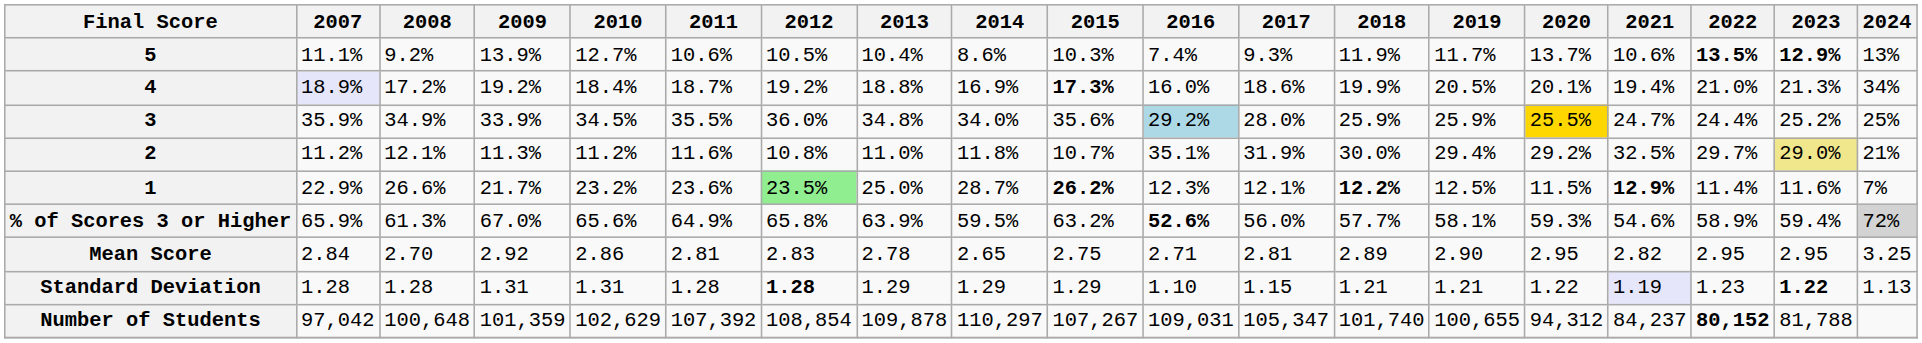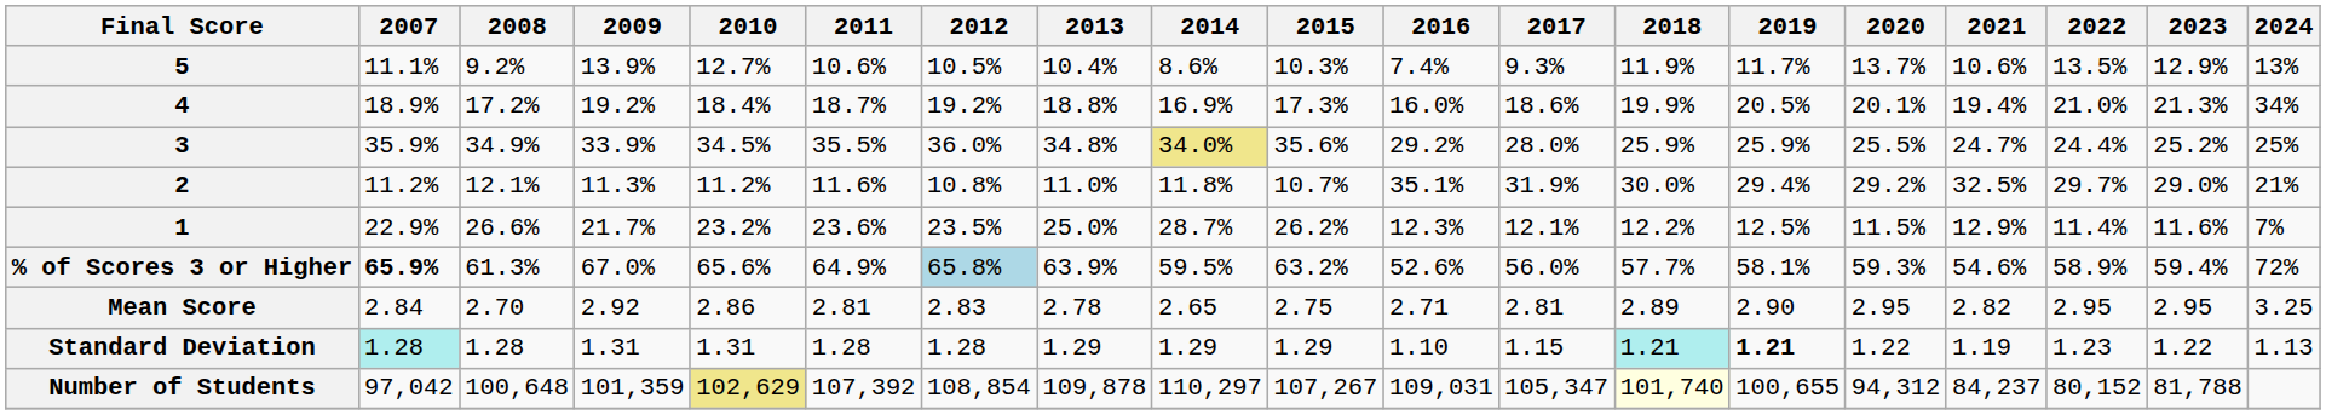 <table class="wikitable">
 <tr>
 <th>Final Score</th>
 <th>2007</th>
 <th>2008</th>
 <th>2009</th>
 <th>2010</th>
 <th>2011</th>
 <th>2012</th>
 <th>2013</th>
 <th>2014</th>
 <th>2015</th>
 <th>2016</th>
 <th>2017</th>
 <th>2018</th>
 <th>2019</th>
 <th>2020</th>
 <th>2021</th>
 <th>2022</th>
 <th>2023</th>
 <th>2024</th>
 </tr>
 <tr>
 <th>5</th>
 <td>11.1%</td>
 <td>9.2%</td>
 <td>13.9%</td>
 <td>12.7%</td>
 <td>10.6%</td>
 <td>10.5%</td>
 <td>10.4%</td>
 <td>8.6%</td>
 <td>10.3%</td>
 <td>7.4%</td>
 <td>9.3%</td>
 <td>11.9%</td>
 <td>11.7%</td>
 <td>13.7%</td>
 <td>10.6%</td>
-<td><strong>13.5%</strong></td>
-<td><strong>12.9%</strong></td>
+<td>13.5%</td>
+<td>12.9%</td>
 <td>13%</td>
 </tr>
 <tr>
 <th>4</th>
-<td style="background: lavender;">18.9%</td>
+<td>18.9%</td>
 <td>17.2%</td>
 <td>19.2%</td>
 <td>18.4%</td>
 <td>18.7%</td>
 <td>19.2%</td>
 <td>18.8%</td>
 <td>16.9%</td>
-<td><strong>17.3%</strong></td>
+<td>17.3%</td>
 <td>16.0%</td>
 <td>18.6%</td>
 <td>19.9%</td>
 <td>20.5%</td>
 <td>20.1%</td>
 <td>19.4%</td>
 <td>21.0%</td>
 <td>21.3%</td>
 <td>34%</td>
 </tr>
 <tr>
 <th>3</th>
 <td>35.9%</td>
 <td>34.9%</td>
 <td>33.9%</td>
 <td>34.5%</td>
 <td>35.5%</td>
 <td>36.0%</td>
 <td>34.8%</td>
-<td>34.0%</td>
+<td style="background: khaki;">34.0%</td>
 <td>35.6%</td>
-<td style="background: lightblue;">29.2%</td>
+<td>29.2%</td>
 <td>28.0%</td>
 <td>25.9%</td>
 <td>25.9%</td>
-<td style="background: gold;">25.5%</td>
+<td>25.5%</td>
 <td>24.7%</td>
 <td>24.4%</td>
 <td>25.2%</td>
 <td>25%</td>
 </tr>
 <tr>
 <th>2</th>
 <td>11.2%</td>
 <td>12.1%</td>
 <td>11.3%</td>
 <td>11.2%</td>
 <td>11.6%</td>
 <td>10.8%</td>
 <td>11.0%</td>
 <td>11.8%</td>
 <td>10.7%</td>
 <td>35.1%</td>
 <td>31.9%</td>
 <td>30.0%</td>
 <td>29.4%</td>
 <td>29.2%</td>
 <td>32.5%</td>
 <td>29.7%</td>
-<td style="background: khaki;">29.0%</td>
+<td>29.0%</td>
 <td>21%</td>
 </tr>
 <tr>
 <th>1</th>
 <td>22.9%</td>
 <td>26.6%</td>
 <td>21.7%</td>
 <td>23.2%</td>
 <td>23.6%</td>
-<td style="background: lightgreen;">23.5%</td>
+<td>23.5%</td>
 <td>25.0%</td>
 <td>28.7%</td>
-<td><strong>26.2%</strong></td>
+<td>26.2%</td>
 <td>12.3%</td>
 <td>12.1%</td>
-<td><strong>12.2%</strong></td>
+<td>12.2%</td>
 <td>12.5%</td>
 <td>11.5%</td>
-<td><strong>12.9%</strong></td>
+<td>12.9%</td>
 <td>11.4%</td>
 <td>11.6%</td>
 <td>7%</td>
 </tr>
 <tr>
 <th>% of Scores 3 or Higher</th>
-<td>65.9%</td>
+<td><strong>65.9%</strong></td>
 <td>61.3%</td>
 <td>67.0%</td>
 <td>65.6%</td>
 <td>64.9%</td>
-<td>65.8%</td>
+<td style="background: lightblue;">65.8%</td>
 <td>63.9%</td>
 <td>59.5%</td>
 <td>63.2%</td>
-<td><strong>52.6%</strong></td>
+<td>52.6%</td>
 <td>56.0%</td>
 <td>57.7%</td>
 <td>58.1%</td>
 <td>59.3%</td>
 <td>54.6%</td>
 <td>58.9%</td>
 <td>59.4%</td>
-<td style="background: lightgrey;">72%</td>
+<td>72%</td>
 </tr>
 <tr>
 <th>Mean Score</th>
 <td>2.84</td>
 <td>2.70</td>
 <td>2.92</td>
 <td>2.86</td>
 <td>2.81</td>
 <td>2.83</td>
 <td>2.78</td>
 <td>2.65</td>
 <td>2.75</td>
 <td>2.71</td>
 <td>2.81</td>
 <td>2.89</td>
 <td>2.90</td>
 <td>2.95</td>
 <td>2.82</td>
 <td>2.95</td>
 <td>2.95</td>
 <td>3.25</td>
 </tr>
 <tr>
 <th>Standard Deviation</th>
-<td>1.28</td>
+<td style="background: paleturquoise;">1.28</td>
 <td>1.28</td>
 <td>1.31</td>
 <td>1.31</td>
 <td>1.28</td>
-<td><strong>1.28</strong></td>
+<td>1.28</td>
 <td>1.29</td>
 <td>1.29</td>
 <td>1.29</td>
 <td>1.10</td>
 <td>1.15</td>
-<td>1.21</td>
-<td>1.21</td>
+<td style="background: paleturquoise;">1.21</td>
+<td><strong>1.21</strong></td>
 <td>1.22</td>
-<td style="background: lavender;">1.19</td>
+<td>1.19</td>
 <td>1.23</td>
-<td><strong>1.22</strong></td>
+<td>1.22</td>
 <td>1.13</td>
 </tr>
 <tr>
 <th>Number of Students</th>
 <td>97,042</td>
 <td>100,648</td>
 <td>101,359</td>
-<td>102,629</td>
+<td style="background: khaki;">102,629</td>
 <td>107,392</td>
 <td>108,854</td>
 <td>109,878</td>
 <td>110,297</td>
 <td>107,267</td>
 <td>109,031</td>
 <td>105,347</td>
-<td>101,740</td>
+<td style="background: lightyellow;">101,740</td>
 <td>100,655</td>
 <td>94,312</td>
 <td>84,237</td>
-<td><strong>80,152</strong></td>
+<td>80,152</td>
 <td>81,788</td>
 <td></td>
 </tr>
 <tr>
 </tr>
 </table>
